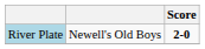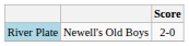 <table class="wikitable" style="text-align: center;">
 <tr>
 <th></th>
 <th></th>
 <th>Score</th>
 </tr>
 <tr>
 <td bgcolor="lightblue">River Plate</td>
 <td>Newell's Old Boys</td>
-<td><strong>2-0</strong></td>
+<td>2-0</td>
 </tr>
 <tr>
 </tr>
 </table>
